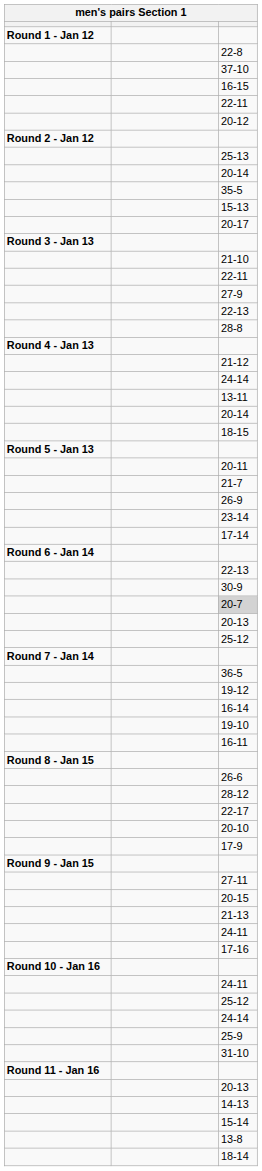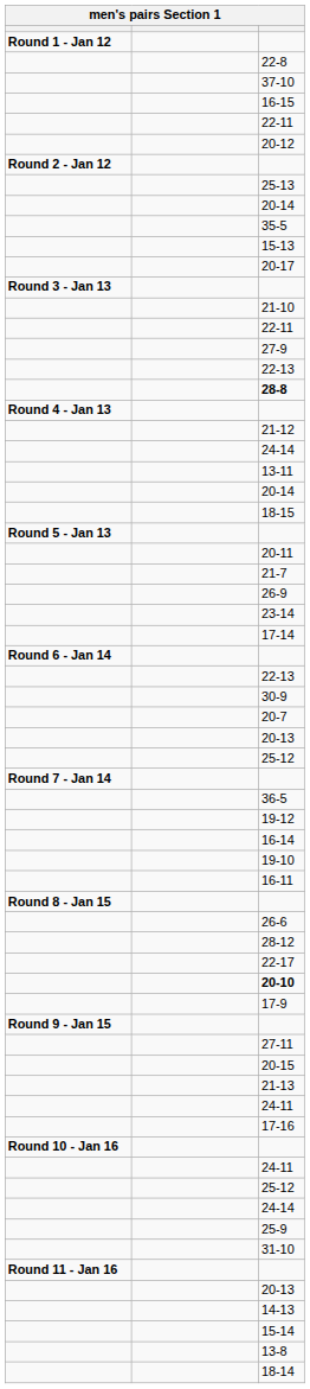 <table class="wikitable">
 <tr>
 <th colspan="3">men's pairs Section 1</th>
 </tr>
 <tr>
 <th width=150></th>
 <th width=150></th>
 <th width=50></th>
 </tr>
 <tr>
 <td><strong>Round 1 - Jan 12</strong></td>
 <td></td>
 <td></td>
 </tr>
 <tr>
 <td></td>
 <td></td>
 <td>22-8</td>
 </tr>
 <tr>
 <td></td>
 <td></td>
 <td>37-10</td>
 </tr>
 <tr>
 <td></td>
 <td></td>
 <td>16-15</td>
 </tr>
 <tr>
 <td></td>
 <td></td>
 <td>22-11</td>
 </tr>
 <tr>
 <td></td>
 <td></td>
 <td>20-12</td>
 </tr>
 <tr>
 <td><strong>Round 2 - Jan 12</strong></td>
 <td></td>
 <td></td>
 </tr>
 <tr>
 <td></td>
 <td></td>
 <td>25-13</td>
 </tr>
 <tr>
 <td></td>
 <td></td>
 <td>20-14</td>
 </tr>
 <tr>
 <td></td>
 <td></td>
 <td>35-5</td>
 </tr>
 <tr>
 <td></td>
 <td></td>
 <td>15-13</td>
 </tr>
 <tr>
 <td></td>
 <td></td>
 <td>20-17</td>
 </tr>
 <tr>
 <td><strong>Round 3 - Jan 13</strong></td>
 <td></td>
 <td></td>
 </tr>
 <tr>
 <td></td>
 <td></td>
 <td>21-10</td>
 </tr>
 <tr>
 <td></td>
 <td></td>
 <td>22-11</td>
 </tr>
 <tr>
 <td></td>
 <td></td>
 <td>27-9</td>
 </tr>
 <tr>
 <td></td>
 <td></td>
 <td>22-13</td>
 </tr>
 <tr>
 <td></td>
 <td></td>
-<td>28-8</td>
+<td><strong>28-8</strong></td>
 </tr>
 <tr>
 <td><strong>Round 4 - Jan 13</strong></td>
 <td></td>
 <td></td>
 </tr>
 <tr>
 <td></td>
 <td></td>
 <td>21-12</td>
 </tr>
 <tr>
 <td></td>
 <td></td>
 <td>24-14</td>
 </tr>
 <tr>
 <td></td>
 <td></td>
 <td>13-11</td>
 </tr>
 <tr>
 <td></td>
 <td></td>
 <td>20-14</td>
 </tr>
 <tr>
 <td></td>
 <td></td>
 <td>18-15</td>
 </tr>
 <tr>
 <td><strong>Round 5 - Jan 13</strong></td>
 <td></td>
 <td></td>
 </tr>
 <tr>
 <td></td>
 <td></td>
 <td>20-11</td>
 </tr>
 <tr>
 <td></td>
 <td></td>
 <td>21-7</td>
 </tr>
 <tr>
 <td></td>
 <td></td>
 <td>26-9</td>
 </tr>
 <tr>
 <td></td>
 <td></td>
 <td>23-14</td>
 </tr>
 <tr>
 <td></td>
 <td></td>
 <td>17-14</td>
 </tr>
 <tr>
 <td><strong>Round 6  - Jan 14</strong></td>
 <td></td>
 <td></td>
 </tr>
 <tr>
 <td></td>
 <td></td>
 <td>22-13</td>
 </tr>
 <tr>
 <td></td>
 <td></td>
 <td>30-9</td>
 </tr>
 <tr>
 <td></td>
 <td></td>
-<td style="background: lightgrey;">20-7</td>
+<td>20-7</td>
 </tr>
 <tr>
 <td></td>
 <td></td>
 <td>20-13</td>
 </tr>
 <tr>
 <td></td>
 <td></td>
 <td>25-12</td>
 </tr>
 <tr>
 <td><strong>Round 7 - Jan 14</strong></td>
 <td></td>
 <td></td>
 </tr>
 <tr>
 <td></td>
 <td></td>
 <td>36-5</td>
 </tr>
 <tr>
 <td></td>
 <td></td>
 <td>19-12</td>
 </tr>
 <tr>
 <td></td>
 <td></td>
 <td>16-14</td>
 </tr>
 <tr>
 <td></td>
 <td></td>
 <td>19-10</td>
 </tr>
 <tr>
 <td></td>
 <td></td>
 <td>16-11</td>
 </tr>
 <tr>
 <td><strong>Round 8 - Jan 15</strong></td>
 <td></td>
 <td></td>
 </tr>
 <tr>
 <td></td>
 <td></td>
 <td>26-6</td>
 </tr>
 <tr>
 <td></td>
 <td></td>
 <td>28-12</td>
 </tr>
 <tr>
 <td></td>
 <td></td>
 <td>22-17</td>
 </tr>
 <tr>
 <td></td>
 <td></td>
-<td>20-10</td>
+<td><strong>20-10</strong></td>
 </tr>
 <tr>
 <td></td>
 <td></td>
 <td>17-9</td>
 </tr>
 <tr>
 <td><strong>Round 9 - Jan 15</strong></td>
 <td></td>
 <td></td>
 </tr>
 <tr>
 <td></td>
 <td></td>
 <td>27-11</td>
 </tr>
 <tr>
 <td></td>
 <td></td>
 <td>20-15</td>
 </tr>
 <tr>
 <td></td>
 <td></td>
 <td>21-13</td>
 </tr>
 <tr>
 <td></td>
 <td></td>
 <td>24-11</td>
 </tr>
 <tr>
 <td></td>
 <td></td>
 <td>17-16</td>
 </tr>
 <tr>
 <td><strong>Round 10 - Jan 16</strong></td>
 <td></td>
 <td></td>
 </tr>
 <tr>
 <td></td>
 <td></td>
 <td>24-11</td>
 </tr>
 <tr>
 <td></td>
 <td></td>
 <td>25-12</td>
 </tr>
 <tr>
 <td></td>
 <td></td>
 <td>24-14</td>
 </tr>
 <tr>
 <td></td>
 <td></td>
 <td>25-9</td>
 </tr>
 <tr>
 <td></td>
 <td></td>
 <td>31-10</td>
 </tr>
 <tr>
 <td><strong>Round 11 - Jan 16</strong></td>
 <td></td>
 <td></td>
 </tr>
 <tr>
 <td></td>
 <td></td>
 <td>20-13</td>
 </tr>
 <tr>
 <td></td>
 <td></td>
 <td>14-13</td>
 </tr>
 <tr>
 <td></td>
 <td></td>
 <td>15-14</td>
 </tr>
 <tr>
 <td></td>
 <td></td>
 <td>13-8</td>
 </tr>
 <tr>
 <td></td>
 <td></td>
 <td>18-14</td>
 </tr>
 </table>
